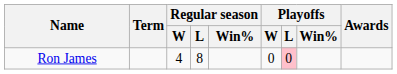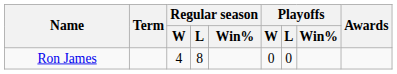 <table class="wikitable">
 <tr>
 <th rowspan="2" style="width:140px;">Name</th>
 <th rowspan="2">Term</th>
 <th colspan="3">Regular season</th>
 <th colspan="3">Playoffs</th>
 <th rowspan="2">Awards</th>
 </tr>
 <tr>
 <th>W</th>
 <th>L</th>
 <th>Win%</th>
 <th>W</th>
 <th>L</th>
 <th>Win%</th>
 </tr>
 <tr>
 <td style="text-align:center;"><a href='#'>Ron James</a></td>
 <td style="text-align:center;"></td>
 <td style="text-align:center;">4</td>
 <td style="text-align:center;">8</td>
 <td style="text-align:center;"></td>
 <td style="text-align:center;">0</td>
-<td style="background: pink; text-align:center;">0</td>
+<td style="text-align:center;">0</td>
 <td style="text-align:center;"></td>
 <td style="text-align:center;"></td>
 </tr>
 </table>
